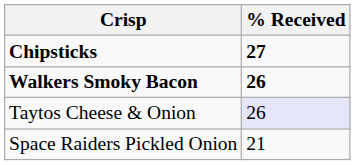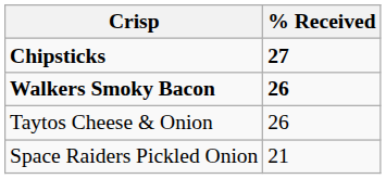 <table class="wikitable">
 <tr>
 <th>Crisp</th>
 <th>% Received</th>
 </tr>
 <tr>
 <td><strong>Chipsticks</strong></td>
 <td><strong>27</strong></td>
 </tr>
 <tr>
 <td><strong>Walkers Smoky Bacon</strong></td>
 <td><strong>26</strong></td>
 </tr>
 <tr>
 <td>Taytos Cheese & Onion</td>
-<td style="background: lavender;">26</td>
+<td>26</td>
 </tr>
 <tr>
 <td>Space Raiders Pickled Onion</td>
 <td>21</td>
 </tr>
 </table>
